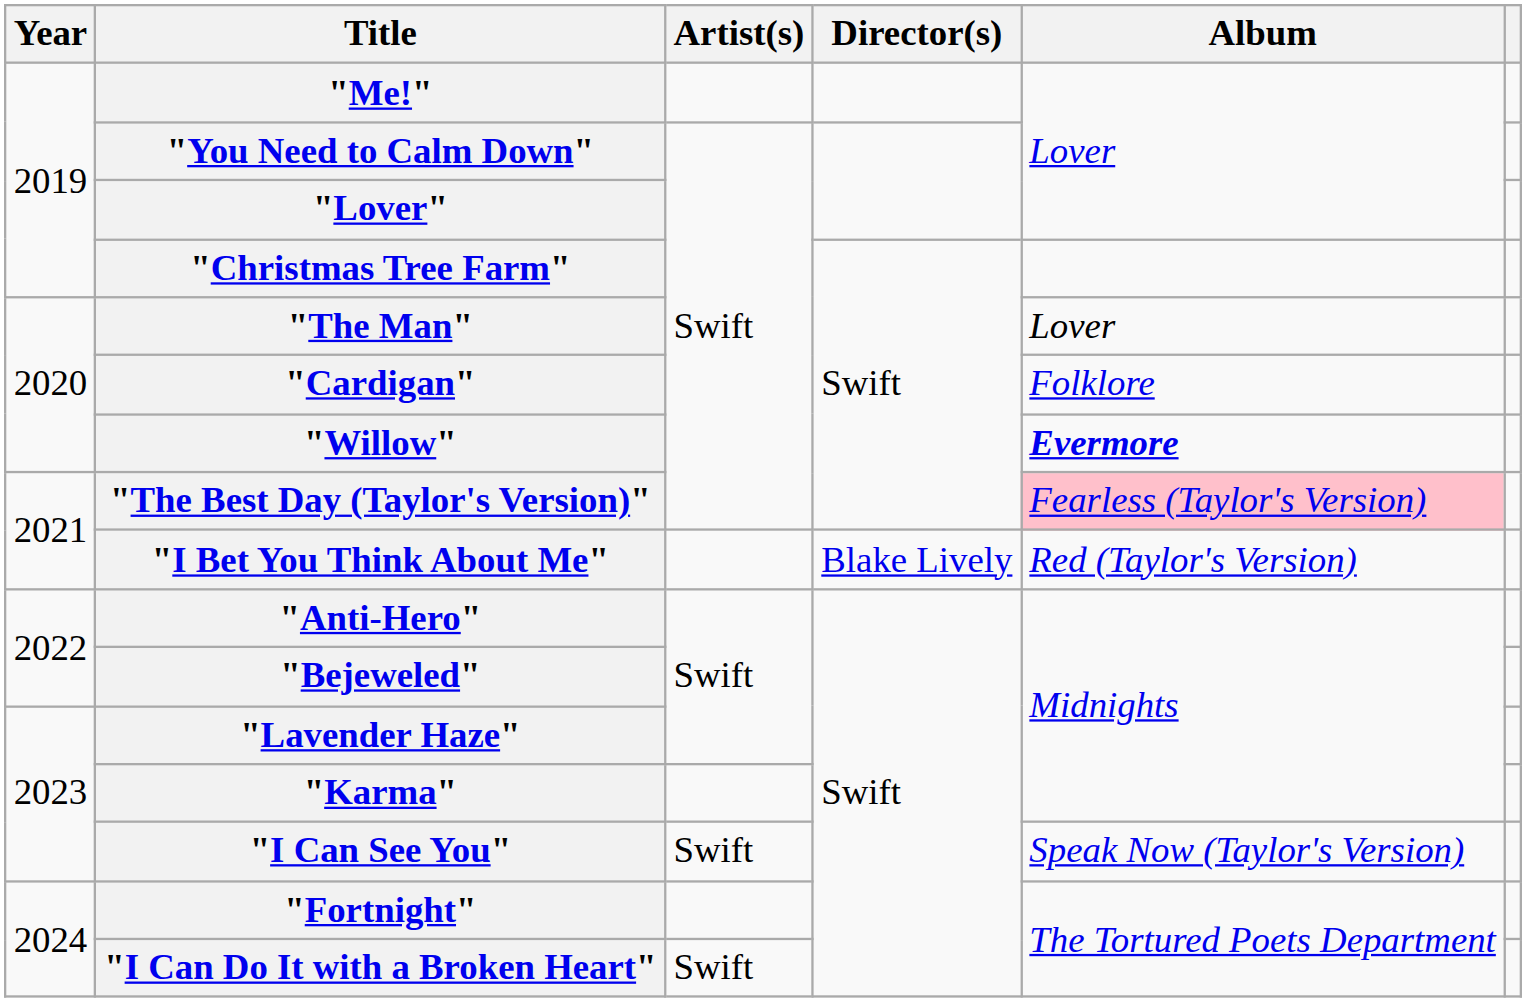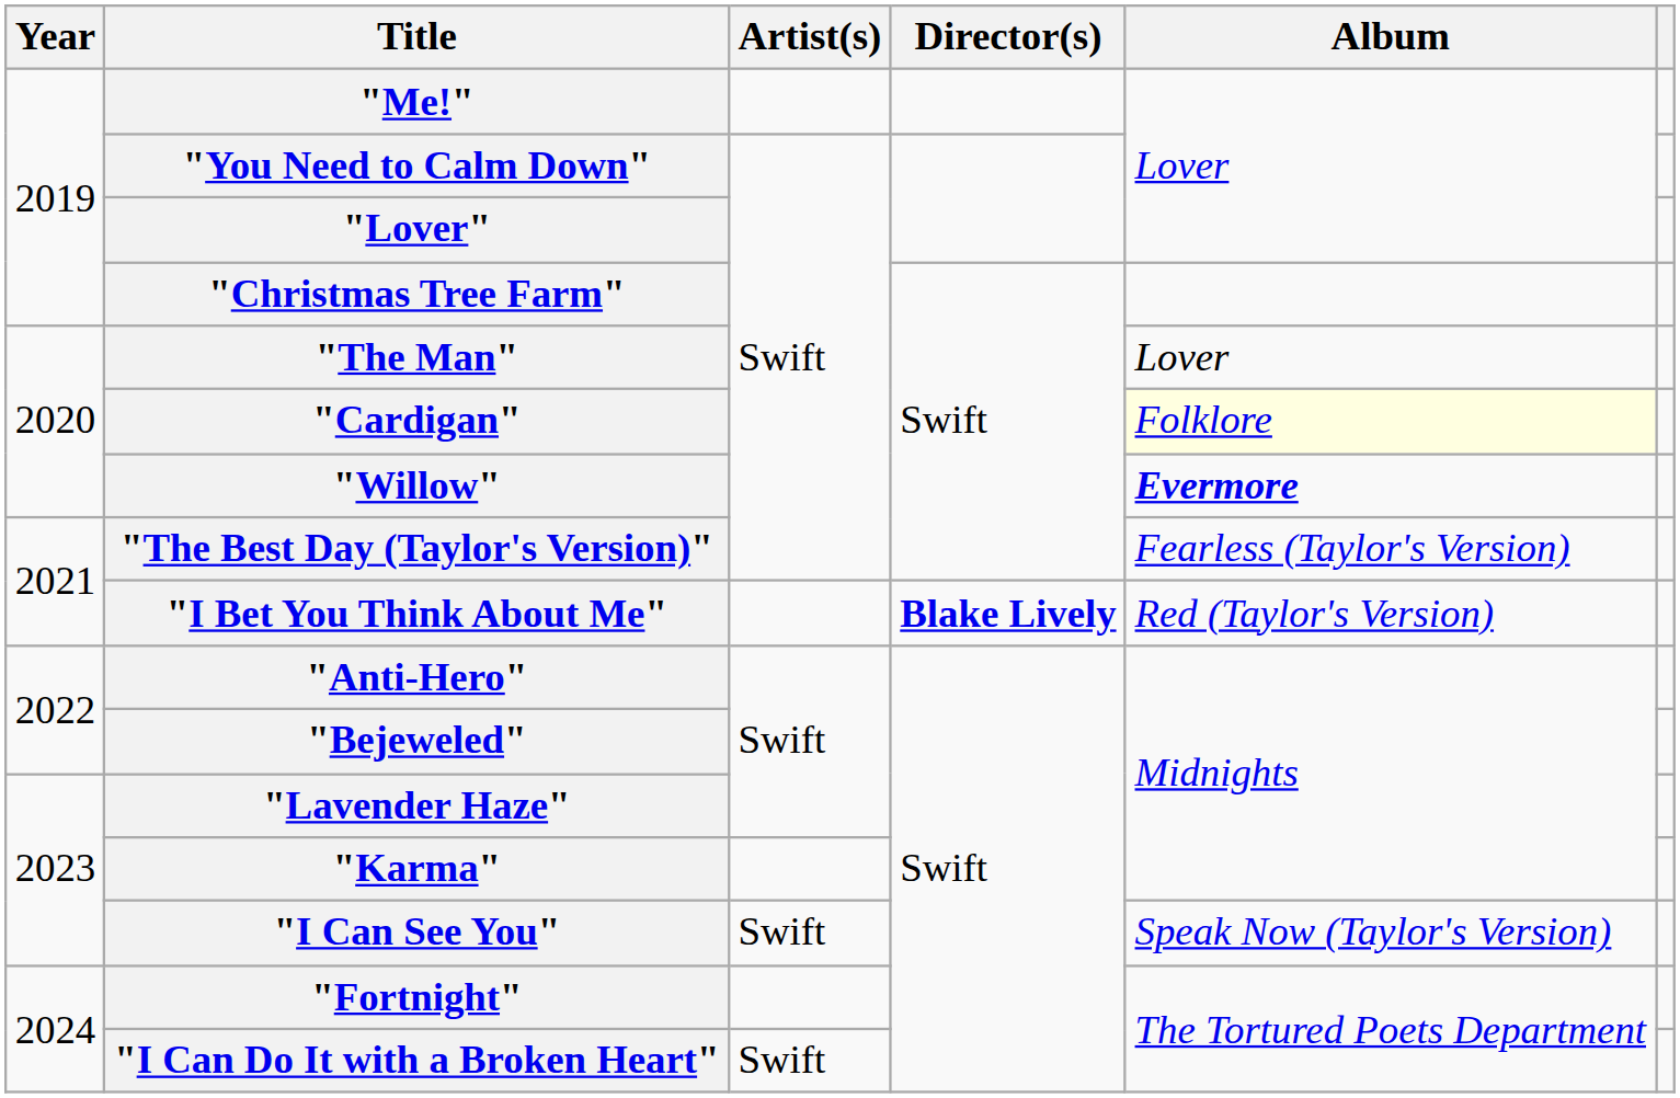 <table class="wikitable plainrowheaders">
 <tr>
 <th scope="col">Year</th>
 <th scope="col">Title</th>
 <th scope="col">Artist(s)</th>
 <th scope="col">Director(s)</th>
 <th scope="col">Album</th>
 <th scope="col" class="unsortable"></th>
 </tr>
 <tr>
 <td rowspan="4">2019</td>
 <th scope="row">"<a href='#'>Me!</a>"</th>
 <td></td>
 <td></td>
 <td rowspan="3"><em><a href='#'>Lover</a></em></td>
 <td style="text-align:center;"></td>
 </tr>
 <tr>
 <th scope="row">"<a href='#'>You Need to Calm Down</a>"</th>
 <td rowspan="7">Swift</td>
 <td rowspan="2"></td>
 <td style="text-align:center;"></td>
 </tr>
 <tr>
 <th scope="row">"<a href='#'>Lover</a>"</th>
 <td style="text-align:center;"></td>
 </tr>
 <tr>
 <th scope="row">"<a href='#'>Christmas Tree Farm</a>"</th>
 <td rowspan="5">Swift</td>
 <td></td>
 <td style="text-align:center;"></td>
 </tr>
 <tr>
 <td rowspan="3">2020</td>
 <th scope="row">"<a href='#'>The Man</a>"</th>
 <td><em>Lover</em></td>
 <td style="text-align:center;"></td>
 </tr>
 <tr>
 <th scope="row">"<a href='#'>Cardigan</a>"</th>
-<td><em><a href='#'>Folklore</a></em></td>
+<td style="background: lightyellow;"><em><a href='#'>Folklore</a></em></td>
 <td style="text-align:center;"></td>
 </tr>
 <tr>
 <th scope="row">"<a href='#'>Willow</a>"</th>
 <td><strong><em><a href='#'>Evermore</a></em></strong></td>
 <td style="text-align:center;"></td>
 </tr>
 <tr>
 <td rowspan="2">2021</td>
 <th scope="row">"<a href='#'>The Best Day (Taylor's Version)</a>"</th>
-<td style="background: pink;"><em><a href='#'>Fearless (Taylor's Version)</a></em></td>
+<td><em><a href='#'>Fearless (Taylor's Version)</a></em></td>
 <td style="text-align:center;"></td>
 </tr>
 <tr>
 <th scope="row">"<a href='#'>I Bet You Think About Me</a>"</th>
 <td></td>
-<td><a href='#'>Blake Lively</a></td>
+<td><strong><a href='#'>Blake Lively</a></strong></td>
 <td><em><a href='#'>Red (Taylor's Version)</a></em></td>
 <td style="text-align:center;"></td>
 </tr>
 <tr>
 <td rowspan="2">2022</td>
 <th scope="row">"<a href='#'>Anti-Hero</a>"</th>
 <td rowspan="3">Swift</td>
 <td rowspan="7">Swift</td>
 <td rowspan="4"><em><a href='#'>Midnights</a></em></td>
 <td style="text-align:center;"></td>
 </tr>
 <tr>
 <th scope="row">"<a href='#'>Bejeweled</a>"</th>
 <td style="text-align:center;"></td>
 </tr>
 <tr>
 <td rowspan="3">2023</td>
 <th scope="row">"<a href='#'>Lavender Haze</a>"</th>
 <td style="text-align:center;"></td>
 </tr>
 <tr>
 <th scope="row">"<a href='#'>Karma</a>"</th>
 <td></td>
 <td style="text-align:center;"></td>
 </tr>
 <tr>
 <th scope="row">"<a href='#'>I Can See You</a>"</th>
 <td>Swift</td>
 <td><em><a href='#'>Speak Now (Taylor's Version)</a></em></td>
 <td style="text-align:center;"></td>
 </tr>
 <tr>
 <td rowspan="2">2024</td>
 <th scope="row">"<a href='#'>Fortnight</a>"</th>
 <td></td>
 <td rowspan="2"><em><a href='#'>The Tortured Poets Department</a></em></td>
 <td style="text-align:center;"></td>
 </tr>
 <tr>
 <th scope="row">"<a href='#'>I Can Do It with a Broken Heart</a>"</th>
 <td>Swift</td>
 <td style="text-align:center;"></td>
 </tr>
 </table>
